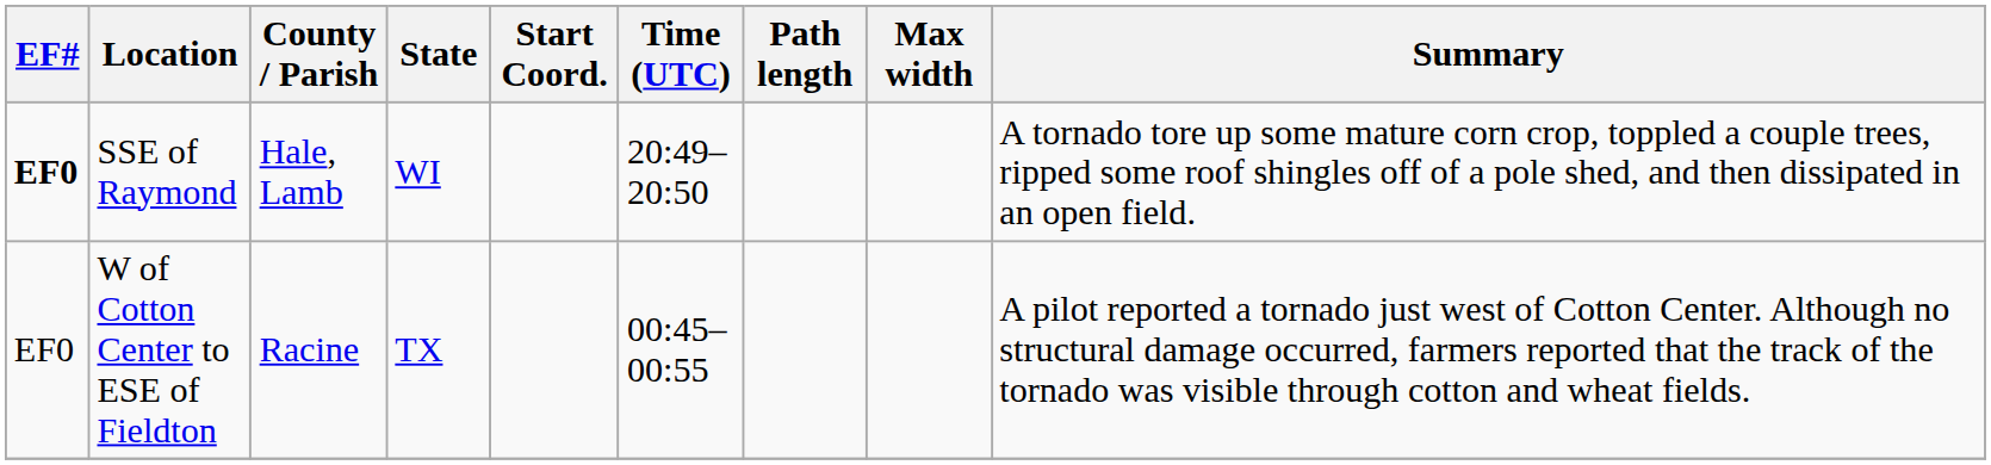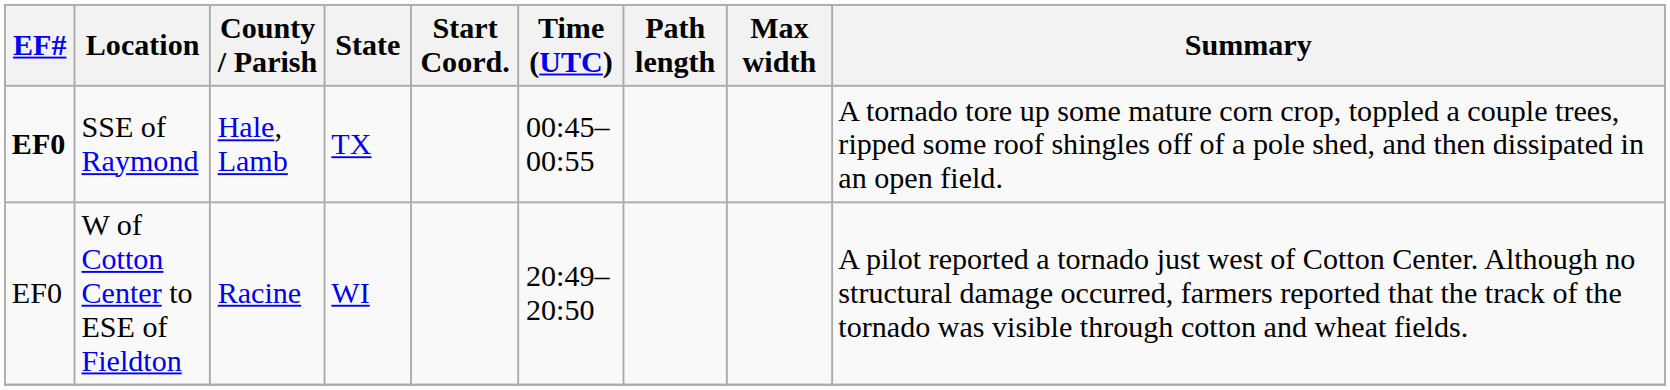 <table class="wikitable sortable" style="width:100%;">
 <tr>
 <th scope="col"  style="width:3%; text-align:center;"><a href='#'>EF#</a></th>
 <th scope="col"  style="width:7%; text-align:center;" class="unsortable">Location</th>
 <th scope="col"  style="width:6%; text-align:center;" class="unsortable">County / Parish</th>
 <th scope="col"  style="width:5%; text-align:center;">State</th>
 <th scope="col"  style="width:6%; text-align:center;">Start Coord.</th>
 <th scope="col"  style="width:6%; text-align:center;">Time (<a href='#'>UTC</a>)</th>
 <th scope="col"  style="width:6%; text-align:center;">Path length</th>
 <th scope="col"  style="width:6%; text-align:center;">Max width</th>
 <th scope="col" class="unsortable" style="width:48%; text-align:center;">Summary</th>
 </tr>
 <tr>
 <td><strong>EF0</strong></td>
 <td>SSE of <a href='#'>Raymond</a></td>
 <td><a href='#'>Hale</a>, <a href='#'>Lamb</a></td>
-<td><a href='#'>WI</a></td>
+<td><a href='#'>TX</a></td>
 <td></td>
-<td>20:49–20:50</td>
+<td>00:45–00:55</td>
 <td></td>
 <td></td>
 <td>A tornado tore up some mature corn crop, toppled a couple trees, ripped some roof shingles off of a pole shed, and then dissipated in an open field.</td>
 </tr>
 <tr>
 <td>EF0</td>
 <td>W of <a href='#'>Cotton Center</a> to ESE of <a href='#'>Fieldton</a></td>
 <td><a href='#'>Racine</a></td>
-<td><a href='#'>TX</a></td>
+<td><a href='#'>WI</a></td>
 <td></td>
-<td>00:45–00:55</td>
+<td>20:49–20:50</td>
 <td></td>
 <td></td>
 <td>A pilot reported a tornado just west of Cotton Center. Although no structural damage occurred, farmers reported that the track of the tornado was visible through cotton and wheat fields.</td>
 </tr>
 <tr>
 </tr>
 </table>
